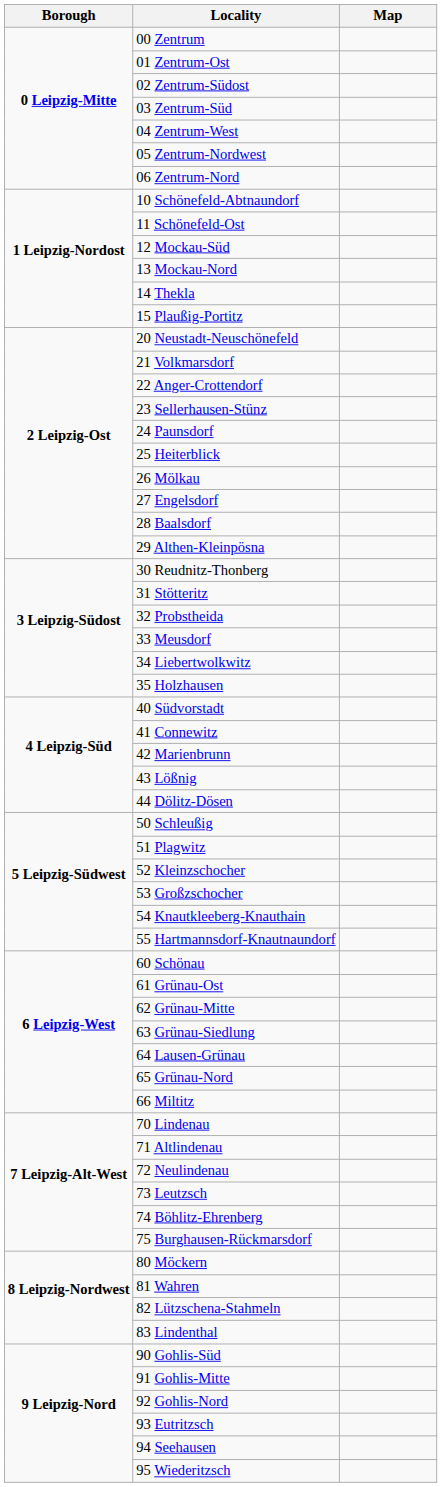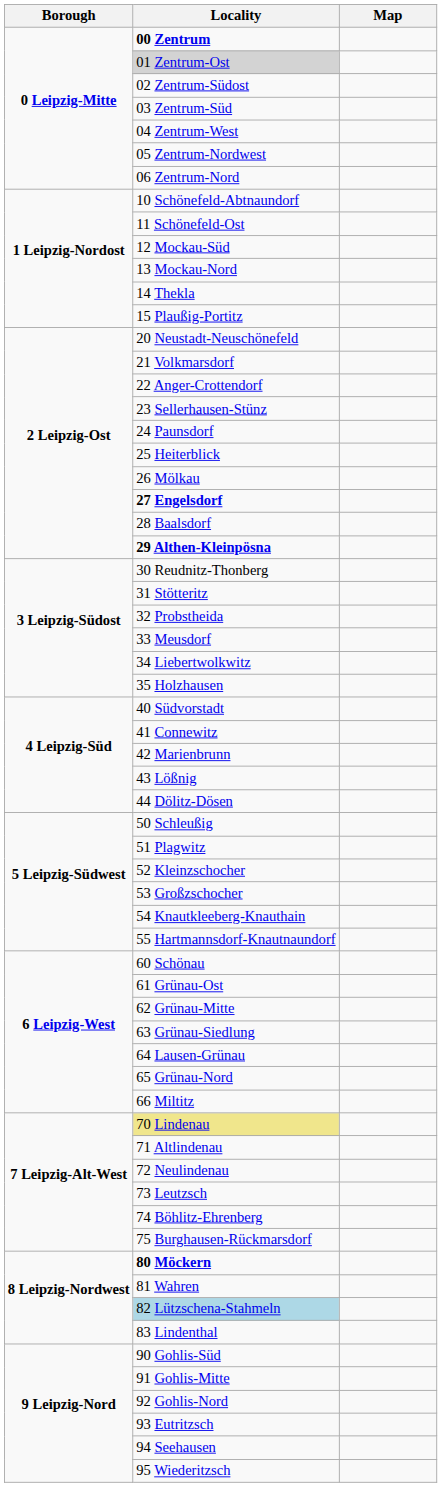 <table class="wikitable sortable">
 <tr>
 <th class=width="100px" align="center">Borough</th>
 <th>Locality</th>
 <th class="unsortable" width="100px" align="center">Map</th>
 </tr>
 <tr>
 <td rowspan="7" align="center"><strong>0 <a href='#'>Leipzig-Mitte</a></strong><br><br></td>
-<td>00 <a href='#'>Zentrum</a></td>
+<td><strong>00 <a href='#'>Zentrum</a></strong></td>
 <td></td>
 </tr>
 <tr>
-<td>01 <a href='#'>Zentrum-Ost</a></td>
+<td style="background: lightgrey;">01 <a href='#'>Zentrum-Ost</a></td>
 <td></td>
 </tr>
 <tr>
 <td>02 <a href='#'>Zentrum-Südost</a></td>
 <td></td>
 </tr>
 <tr>
 <td>03 <a href='#'>Zentrum-Süd</a></td>
 <td></td>
 </tr>
 <tr>
 <td>04 <a href='#'>Zentrum-West</a></td>
 <td></td>
 </tr>
 <tr>
 <td>05 <a href='#'>Zentrum-Nordwest</a></td>
 <td></td>
 </tr>
 <tr>
 <td>06 <a href='#'>Zentrum-Nord</a></td>
 <td></td>
 </tr>
 <tr>
 <td rowspan="6" align="center"><strong>1 Leipzig-Nordost</strong><br><br></td>
 <td>10 <a href='#'>Schönefeld-Abtnaundorf</a></td>
 <td></td>
 </tr>
 <tr>
 <td>11 <a href='#'>Schönefeld-Ost</a></td>
 <td></td>
 </tr>
 <tr>
 <td>12 <a href='#'>Mockau-Süd</a></td>
 <td></td>
 </tr>
 <tr>
 <td>13 <a href='#'>Mockau-Nord</a></td>
 <td></td>
 </tr>
 <tr>
 <td>14 <a href='#'>Thekla</a></td>
 <td></td>
 </tr>
 <tr>
 <td>15 <a href='#'>Plaußig-Portitz</a></td>
 <td></td>
 </tr>
 <tr>
 <td rowspan="10" align="center"><strong>2 Leipzig-Ost</strong><br><br></td>
 <td>20 <a href='#'>Neustadt-Neuschönefeld</a></td>
 <td></td>
 </tr>
 <tr>
 <td>21 <a href='#'>Volkmarsdorf</a></td>
 <td></td>
 </tr>
 <tr>
 <td>22 <a href='#'>Anger-Crottendorf</a></td>
 <td></td>
 </tr>
 <tr>
 <td>23 <a href='#'>Sellerhausen-Stünz</a></td>
 <td></td>
 </tr>
 <tr>
 <td>24 <a href='#'>Paunsdorf</a></td>
 <td></td>
 </tr>
 <tr>
 <td>25 <a href='#'>Heiterblick</a></td>
 <td></td>
 </tr>
 <tr>
 <td>26 <a href='#'>Mölkau</a></td>
 <td></td>
 </tr>
 <tr>
-<td>27 <a href='#'>Engelsdorf</a></td>
+<td><strong>27 <a href='#'>Engelsdorf</a></strong></td>
 <td></td>
 </tr>
 <tr>
 <td>28 <a href='#'>Baalsdorf</a></td>
 <td></td>
 </tr>
 <tr>
-<td>29 <a href='#'>Althen-Kleinpösna</a></td>
+<td><strong>29 <a href='#'>Althen-Kleinpösna</a></strong></td>
 <td></td>
 </tr>
 <tr>
 <td rowspan="6" align="center"><strong>3 Leipzig-Südost</strong><br><br></td>
 <td>30 Reudnitz-Thonberg</td>
 <td></td>
 </tr>
 <tr>
 <td>31 <a href='#'>Stötteritz</a></td>
 <td></td>
 </tr>
 <tr>
 <td>32 <a href='#'>Probstheida</a></td>
 <td></td>
 </tr>
 <tr>
 <td>33 <a href='#'>Meusdorf</a></td>
 <td></td>
 </tr>
 <tr>
 <td>34 <a href='#'>Liebertwolkwitz</a></td>
 <td></td>
 </tr>
 <tr>
 <td>35 <a href='#'>Holzhausen</a></td>
 <td></td>
 </tr>
 <tr>
 <td rowspan="5" align="center"><strong>4 Leipzig-Süd</strong><br><br></td>
 <td>40 <a href='#'>Südvorstadt</a></td>
 <td></td>
 </tr>
 <tr>
 <td>41 <a href='#'>Connewitz</a></td>
 <td></td>
 </tr>
 <tr>
 <td>42 <a href='#'>Marienbrunn</a></td>
 <td></td>
 </tr>
 <tr>
 <td>43 <a href='#'>Lößnig</a></td>
 <td></td>
 </tr>
 <tr>
 <td>44 <a href='#'>Dölitz-Dösen</a></td>
 <td></td>
 </tr>
 <tr>
 <td rowspan="6" align="center"><strong>5 Leipzig-Südwest</strong><br><br></td>
 <td>50 <a href='#'>Schleußig</a></td>
 <td></td>
 </tr>
 <tr>
 <td>51 <a href='#'>Plagwitz</a></td>
 <td></td>
 </tr>
 <tr>
 <td>52 <a href='#'>Kleinzschocher</a></td>
 <td></td>
 </tr>
 <tr>
 <td>53 <a href='#'>Großzschocher</a></td>
 <td></td>
 </tr>
 <tr>
 <td>54 <a href='#'>Knautkleeberg-Knauthain</a></td>
 <td></td>
 </tr>
 <tr>
 <td>55 <a href='#'>Hartmannsdorf-Knautnaundorf</a></td>
 <td></td>
 </tr>
 <tr>
 <td rowspan="7" align="center"><strong>6 <a href='#'>Leipzig-West</a></strong><br><br></td>
 <td>60 <a href='#'>Schönau</a></td>
 <td></td>
 </tr>
 <tr>
 <td>61 <a href='#'>Grünau-Ost</a></td>
 <td></td>
 </tr>
 <tr>
 <td>62 <a href='#'>Grünau-Mitte</a></td>
 <td></td>
 </tr>
 <tr>
 <td>63 <a href='#'>Grünau-Siedlung</a></td>
 <td></td>
 </tr>
 <tr>
 <td>64 <a href='#'>Lausen-Grünau</a></td>
 <td></td>
 </tr>
 <tr>
 <td>65 <a href='#'>Grünau-Nord</a></td>
 <td></td>
 </tr>
 <tr>
 <td>66 <a href='#'>Miltitz</a></td>
 <td></td>
 </tr>
 <tr>
 <td rowspan="6" align="center"><strong>7 Leipzig-Alt-West</strong><br><br></td>
-<td>70 <a href='#'>Lindenau</a></td>
+<td style="background: khaki;">70 <a href='#'>Lindenau</a></td>
 <td></td>
 </tr>
 <tr>
 <td>71 <a href='#'>Altlindenau</a></td>
 <td></td>
 </tr>
 <tr>
 <td>72 <a href='#'>Neulindenau</a></td>
 <td></td>
 </tr>
 <tr>
 <td>73 <a href='#'>Leutzsch</a></td>
 <td></td>
 </tr>
 <tr>
 <td>74 <a href='#'>Böhlitz-Ehrenberg</a></td>
 <td></td>
 </tr>
 <tr>
 <td>75 <a href='#'>Burghausen-Rückmarsdorf</a></td>
 <td></td>
 </tr>
 <tr>
 <td rowspan="4" align="center"><strong>8 Leipzig-Nordwest</strong><br><br></td>
-<td>80 <a href='#'>Möckern</a></td>
+<td><strong>80 <a href='#'>Möckern</a></strong></td>
 <td></td>
 </tr>
 <tr>
 <td>81 <a href='#'>Wahren</a></td>
 <td></td>
 </tr>
 <tr>
-<td>82 <a href='#'>Lützschena-Stahmeln</a></td>
+<td style="background: lightblue;">82 <a href='#'>Lützschena-Stahmeln</a></td>
 <td></td>
 </tr>
 <tr>
 <td>83 <a href='#'>Lindenthal</a></td>
 <td></td>
 </tr>
 <tr>
 <td rowspan="6" align="center"><strong>9 Leipzig-Nord</strong><br><br></td>
 <td>90 <a href='#'>Gohlis-Süd</a></td>
 <td></td>
 </tr>
 <tr>
 <td>91 <a href='#'>Gohlis-Mitte</a></td>
 <td></td>
 </tr>
 <tr>
 <td>92 <a href='#'>Gohlis-Nord</a></td>
 <td></td>
 </tr>
 <tr>
 <td>93 <a href='#'>Eutritzsch</a></td>
 <td></td>
 </tr>
 <tr>
 <td>94 <a href='#'>Seehausen</a></td>
 <td></td>
 </tr>
 <tr>
 <td>95 <a href='#'>Wiederitzsch</a></td>
 <td></td>
 </tr>
 </table>
